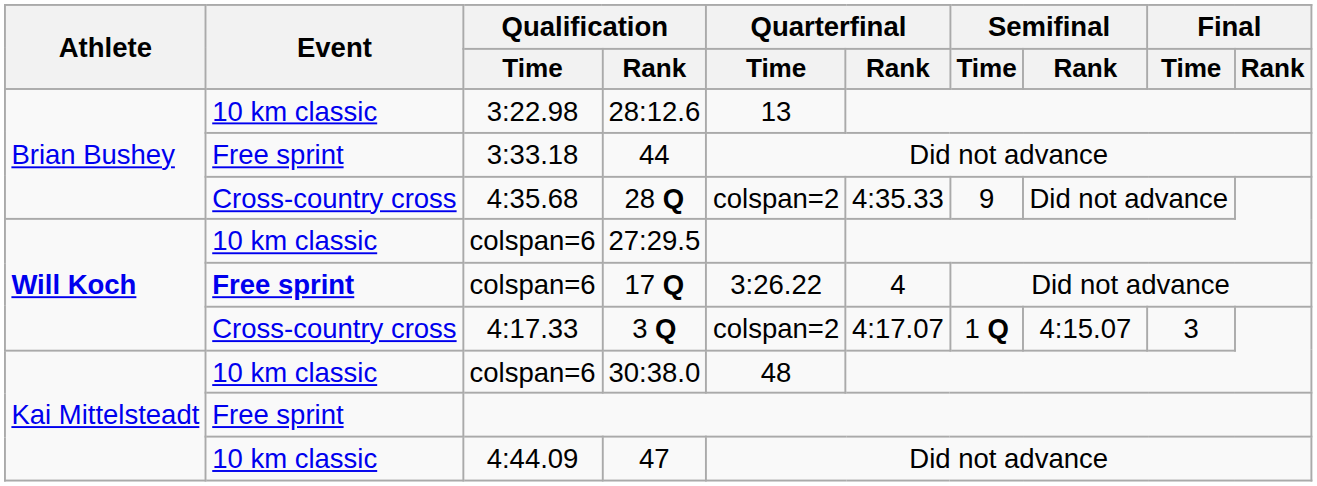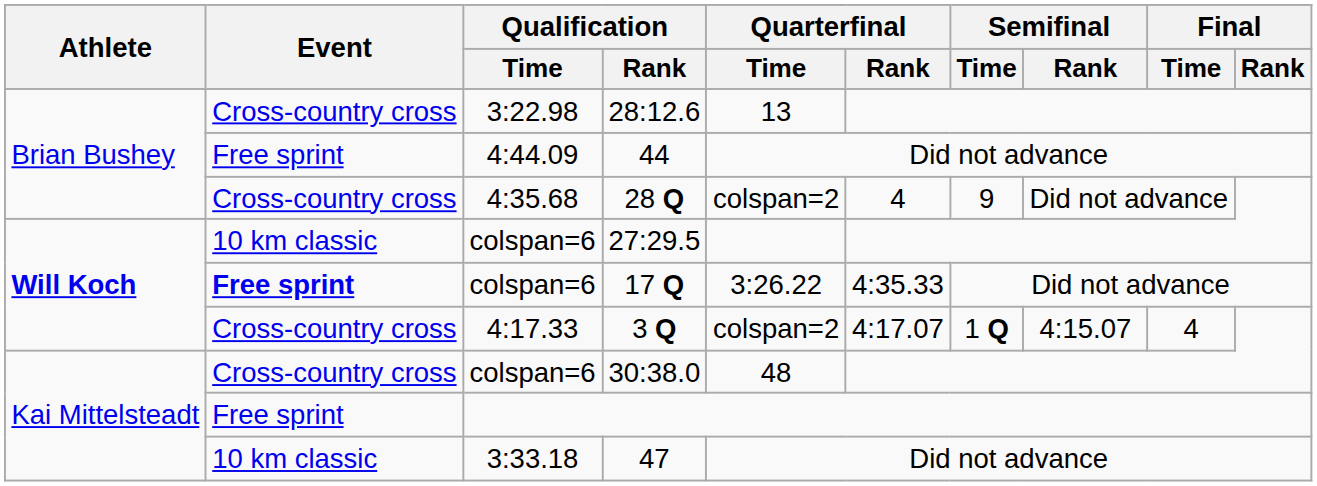 <table class="wikitable" style="font-size:90%">
 <tr>
 <th rowspan="2">Athlete</th>
 <th rowspan="2">Event</th>
 <th colspan="2">Qualification</th>
 <th colspan="2">Quarterfinal</th>
 <th colspan="2">Semifinal</th>
 <th colspan="2">Final</th>
 </tr>
 <tr style="font-size:95%">
 <th>Time</th>
 <th>Rank</th>
 <th>Time</th>
 <th>Rank</th>
 <th>Time</th>
 <th>Rank</th>
 <th>Time</th>
 <th>Rank</th>
 </tr>
 <tr align=center>
 <td align=left rowspan=3><a href='#'>Brian Bushey</a></td>
-<td align=left><a href='#'>10 km classic</a></td>
+<td align=left><a href='#'>Cross-country cross</a></td>
 <td>3:22.98</td>
 <td>28:12.6</td>
 <td>13</td>
 </tr>
 <tr align=center>
 <td align=left><a href='#'>Free sprint</a></td>
-<td>3:33.18</td>
+<td>4:44.09</td>
 <td>44</td>
 <td colspan=6>Did not advance</td>
 </tr>
 <tr align=center>
 <td align=left><a href='#'>Cross-country cross</a></td>
 <td>4:35.68</td>
 <td>28 <strong>Q</strong></td>
 <td>colspan=2 </td>
-<td>4:35.33</td>
+<td>4</td>
 <td>9</td>
 <td colspan=2>Did not advance</td>
 </tr>
 <tr align=center>
 <td align=left rowspan=3><strong><a href='#'>Will Koch</a></strong></td>
 <td align=left><a href='#'>10 km classic</a></td>
 <td>colspan=6 </td>
 <td>27:29.5</td>
 <td></td>
 </tr>
 <tr align=center>
 <td align=left><strong><a href='#'>Free sprint</a></strong></td>
 <td>colspan=6 </td>
 <td>17 <strong>Q</strong></td>
 <td>3:26.22</td>
-<td>4</td>
+<td>4:35.33</td>
 <td colspan=4>Did not advance</td>
 </tr>
 <tr align=center>
 <td align=left><a href='#'>Cross-country cross</a></td>
 <td>4:17.33</td>
 <td>3 <strong>Q</strong></td>
 <td>colspan=2 </td>
 <td>4:17.07</td>
 <td>1 <strong>Q</strong></td>
 <td>4:15.07</td>
-<td>3</td>
+<td>4</td>
 </tr>
 <tr align=center>
 <td align=left rowspan=3><a href='#'>Kai Mittelsteadt</a></td>
-<td align=left><a href='#'>10 km classic</a></td>
+<td align=left><a href='#'>Cross-country cross</a></td>
 <td>colspan=6 </td>
 <td>30:38.0</td>
 <td>48</td>
 </tr>
 <tr align=center>
 <td align=left><a href='#'>Free sprint</a></td>
 <td colspan=8></td>
 </tr>
 <tr align=center>
 <td align=left><a href='#'>10 km classic</a></td>
-<td>4:44.09</td>
+<td>3:33.18</td>
 <td>47</td>
 <td colspan=6>Did not advance</td>
 </tr>
 </table>
